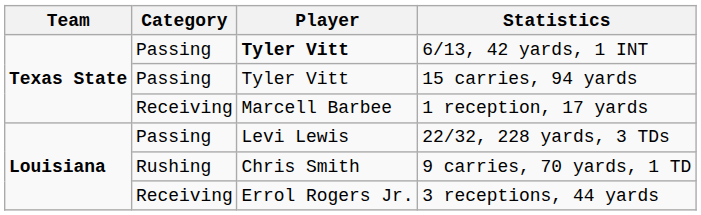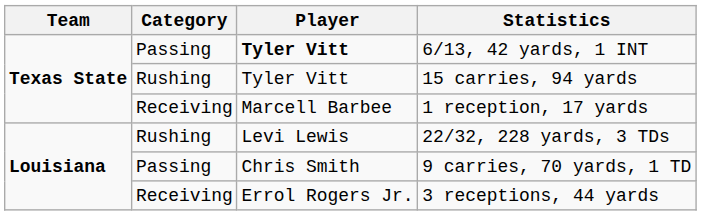 <table class="wikitable" style="float: left;">
 <tr>
 <th>Team</th>
 <th>Category</th>
 <th>Player</th>
 <th>Statistics</th>
 </tr>
 <tr>
 <td rowspan=3><strong>Texas State</strong></td>
 <td>Passing</td>
 <td><strong>Tyler Vitt</strong></td>
 <td>6/13, 42 yards, 1 INT</td>
 </tr>
 <tr>
-<td>Passing</td>
+<td>Rushing</td>
 <td>Tyler Vitt</td>
 <td>15 carries, 94 yards</td>
 </tr>
 <tr>
 <td>Receiving</td>
 <td>Marcell Barbee</td>
 <td>1 reception, 17 yards</td>
 </tr>
 <tr>
 <td rowspan=3><strong>Louisiana</strong></td>
-<td>Passing</td>
+<td>Rushing</td>
 <td>Levi Lewis</td>
 <td>22/32, 228 yards, 3 TDs</td>
 </tr>
 <tr>
-<td>Rushing</td>
+<td>Passing</td>
 <td>Chris Smith</td>
 <td>9 carries, 70 yards, 1 TD</td>
 </tr>
 <tr>
 <td>Receiving</td>
 <td>Errol Rogers Jr.</td>
 <td>3 receptions, 44 yards</td>
 </tr>
 </table>
